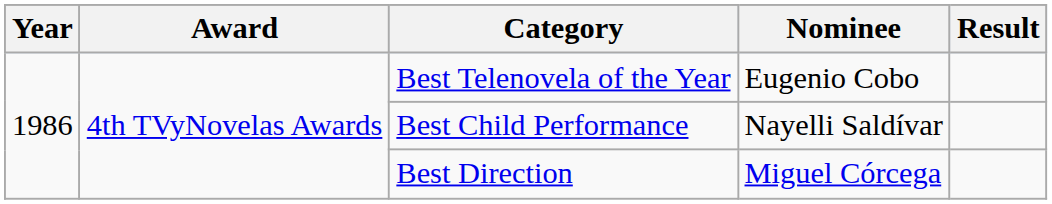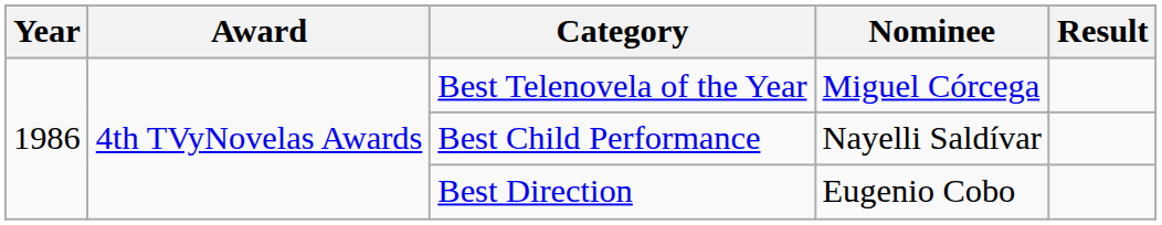 <table class="wikitable">
 <tr style="background:#b0c4de;">
 <th>Year</th>
 <th>Award</th>
 <th>Category</th>
 <th>Nominee</th>
 <th>Result</th>
 </tr>
 <tr>
 <td rowspan=3>1986</td>
 <td rowspan=3><a href='#'>4th TVyNovelas Awards</a></td>
 <td><a href='#'>Best Telenovela of the Year</a></td>
-<td>Eugenio Cobo</td>
+<td><a href='#'>Miguel Córcega</a></td>
 <td></td>
 </tr>
 <tr>
 <td><a href='#'>Best Child Performance</a></td>
 <td>Nayelli Saldívar</td>
 <td></td>
 </tr>
 <tr>
 <td><a href='#'>Best Direction</a></td>
-<td><a href='#'>Miguel Córcega</a></td>
+<td>Eugenio Cobo</td>
 <td></td>
 </tr>
 </table>
